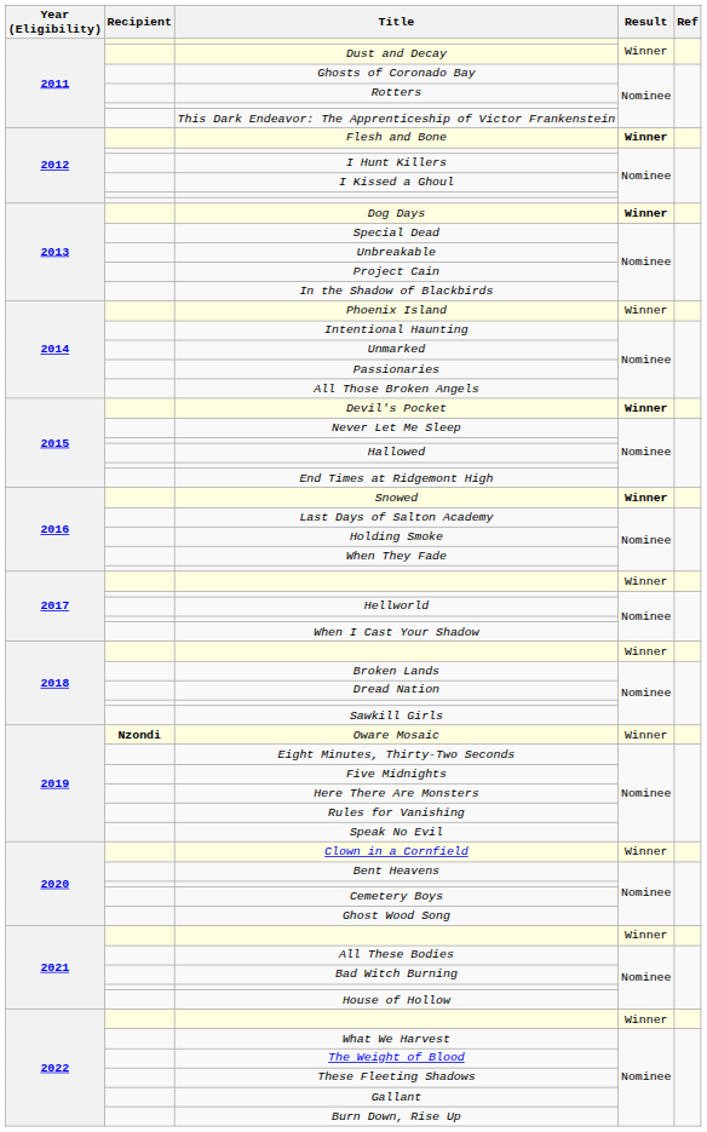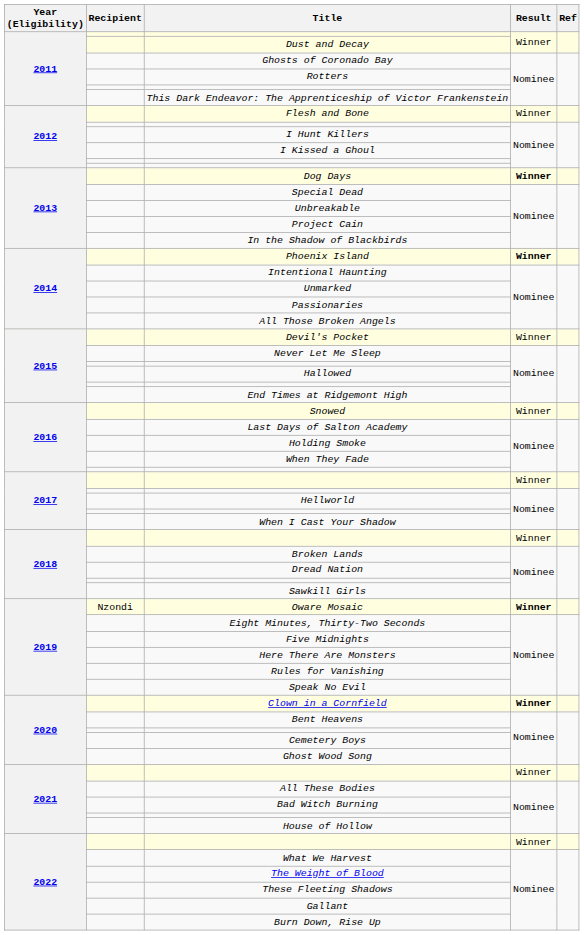 <table class="sortable wikitable" style="text-align: center">
 <tr>
 <th>Year<br>(Eligibility)</th>
 <th>Recipient</th>
 <th>Title</th>
 <th>Result</th>
 <th>Ref</th>
 </tr>
 <tr style="background:lightyellow; color:black">
 <th rowspan="6"><a href='#'>2011</a></th>
 <td> </td>
 <td> </td>
 <td rowspan="2">Winner</td>
 <td rowspan="2"></td>
 </tr>
 <tr style="background:lightyellow; color:black">
 <td> </td>
 <td> <em>Dust and Decay</em></td>
 </tr>
 <tr>
 <td>  </td>
 <td> <em>Ghosts of Coronado Bay</em></td>
 <td rowspan="4">Nominee</td>
 <td rowspan="4"></td>
 </tr>
 <tr>
 <td>  </td>
 <td> <em>Rotters</em></td>
 </tr>
 <tr>
 <td>  </td>
 <td> </td>
 </tr>
 <tr>
 <td>  </td>
 <td> <em>This Dark Endeavor: The Apprenticeship of Victor Frankenstein</em></td>
 </tr>
 <tr style="background:lightyellow; color:black">
 <th rowspan="6"><a href='#'>2012</a></th>
 <td> </td>
 <td> <em>Flesh and Bone</em></td>
-<td><strong> Winner</strong></td>
+<td> Winner</td>
 <td></td>
 </tr>
 <tr>
 <td>  </td>
 <td> </td>
 <td rowspan="5">Nominee</td>
 <td rowspan="5"></td>
 </tr>
 <tr>
 <td>  </td>
 <td> <em>I Hunt Killers</em></td>
 </tr>
 <tr>
 <td>  </td>
 <td> <em>I Kissed a Ghoul</em></td>
 </tr>
 <tr>
 <td>  </td>
 <td> </td>
 </tr>
 <tr>
 <td>  </td>
 <td> </td>
 </tr>
 <tr style="background:lightyellow; color:black">
 <th rowspan="5"><a href='#'>2013</a></th>
 <td> </td>
 <td> <em>Dog Days</em></td>
 <td><strong> Winner</strong></td>
 <td></td>
 </tr>
 <tr>
 <td>  </td>
 <td> <em>Special Dead</em></td>
 <td rowspan="4">Nominee</td>
 <td rowspan="4"></td>
 </tr>
 <tr>
 <td>  </td>
 <td> <em>Unbreakable</em></td>
 </tr>
 <tr>
 <td>  </td>
 <td> <em>Project Cain</em></td>
 </tr>
 <tr>
 <td>  </td>
 <td> <em>In the Shadow of Blackbirds</em></td>
 </tr>
 <tr style="background:lightyellow; color:black">
 <th rowspan="5"><a href='#'>2014</a></th>
 <td> </td>
 <td> <em>Phoenix Island</em></td>
-<td> Winner</td>
+<td><strong> Winner</strong></td>
 <td></td>
 </tr>
 <tr>
 <td>  </td>
 <td> <em>Intentional Haunting</em></td>
 <td rowspan="4">Nominee</td>
 <td rowspan="4"></td>
 </tr>
 <tr>
 <td>  </td>
 <td> <em>Unmarked</em></td>
 </tr>
 <tr>
 <td> </td>
 <td> <em>Passionaries</em></td>
 </tr>
 <tr>
 <td> </td>
 <td> <em>All Those Broken Angels</em></td>
 </tr>
 <tr style="background:lightyellow; color:black">
 <th rowspan="6"><a href='#'>2015</a></th>
 <td> </td>
 <td> <em>Devil's Pocket</em></td>
-<td><strong> Winner</strong></td>
+<td> Winner</td>
 <td></td>
 </tr>
 <tr>
 <td> </td>
 <td> <em>Never Let Me Sleep</em></td>
 <td rowspan="5">Nominee</td>
 <td rowspan="5"></td>
 </tr>
 <tr>
 <td> </td>
 <td> </td>
 </tr>
 <tr>
 <td> </td>
 <td> <em>Hallowed</em></td>
 </tr>
 <tr>
 <td> </td>
 <td> </td>
 </tr>
 <tr>
 <td> </td>
 <td> <em>End Times at Ridgemont High</em></td>
 </tr>
 <tr style="background:lightyellow; color:black">
 <th rowspan="5"><a href='#'>2016</a></th>
 <td> </td>
 <td> <em>Snowed</em></td>
-<td><strong> Winner</strong></td>
+<td> Winner</td>
 <td></td>
 </tr>
 <tr>
 <td> </td>
 <td> <em>Last Days of Salton Academy</em></td>
 <td rowspan="4">Nominee</td>
 <td rowspan="4"></td>
 </tr>
 <tr>
 <td> </td>
 <td> <em>Holding Smoke</em></td>
 </tr>
 <tr>
 <td> </td>
 <td> <em>When They Fade</em></td>
 </tr>
 <tr>
 <td> </td>
 <td> </td>
 </tr>
 <tr style="background:lightyellow; color:black">
 <th rowspan="5"><a href='#'>2017</a></th>
 <td> </td>
 <td> </td>
 <td> Winner</td>
 <td></td>
 </tr>
 <tr>
 <td> </td>
 <td> </td>
 <td rowspan="4">Nominee</td>
 <td rowspan="4"></td>
 </tr>
 <tr>
 <td> </td>
 <td> <em>Hellworld</em></td>
 </tr>
 <tr>
 <td> </td>
 <td> </td>
 </tr>
 <tr>
 <td> </td>
 <td> <em>When I Cast Your Shadow</em></td>
 </tr>
 <tr style="background:lightyellow; color:black">
 <th rowspan="5"><a href='#'>2018</a></th>
 <td></td>
 <td></td>
 <td>Winner</td>
 <td></td>
 </tr>
 <tr>
 <td> </td>
 <td> <em>Broken Lands</em></td>
 <td rowspan="4">Nominee</td>
 <td rowspan="4"></td>
 </tr>
 <tr>
 <td> </td>
 <td> <em>Dread Nation</em></td>
 </tr>
 <tr>
 <td> </td>
 <td> </td>
 </tr>
 <tr>
 <td> </td>
 <td> <em>Sawkill Girls</em></td>
 </tr>
 <tr style="background:lightyellow; color:black">
 <th rowspan="6"><a href='#'>2019</a></th>
-<td><strong>Nzondi</strong></td>
+<td>Nzondi</td>
 <td><em>Oware Mosaic</em></td>
-<td>Winner</td>
+<td><strong>Winner</strong></td>
 <td></td>
 </tr>
 <tr>
 <td> </td>
 <td> <em>Eight Minutes, Thirty-Two Seconds</em></td>
 <td rowspan="5">Nominee</td>
 <td rowspan="5"></td>
 </tr>
 <tr>
 <td> </td>
 <td> <em>Five Midnights</em></td>
 </tr>
 <tr>
 <td> </td>
 <td> <em>Here There Are Monsters</em></td>
 </tr>
 <tr>
 <td> </td>
 <td> <em>Rules for Vanishing</em></td>
 </tr>
 <tr>
 <td> </td>
 <td> <em>Speak No Evil</em></td>
 </tr>
 <tr style="background:lightyellow; color:black">
 <th rowspan="5"><a href='#'>2020</a></th>
 <td></td>
 <td><em><a href='#'>Clown in a Cornfield</a></em></td>
-<td>Winner</td>
+<td><strong>Winner</strong></td>
 <td></td>
 </tr>
 <tr>
 <td></td>
 <td><em>Bent Heavens</em></td>
 <td rowspan="4">Nominee</td>
 <td rowspan="4"></td>
 </tr>
 <tr>
 <td></td>
 <td></td>
 </tr>
 <tr>
 <td></td>
 <td><em>Cemetery Boys</em></td>
 </tr>
 <tr>
 <td></td>
 <td><em>Ghost Wood Song</em></td>
 </tr>
 <tr style="background:lightyellow; color:black">
 <th rowspan="5"><a href='#'>2021</a></th>
 <td></td>
 <td></td>
 <td>Winner</td>
 <td></td>
 </tr>
 <tr>
 <td></td>
 <td><em>All These Bodies</em></td>
 <td rowspan="4">Nominee</td>
 <td rowspan="4"></td>
 </tr>
 <tr>
 <td></td>
 <td><em>Bad Witch Burning</em></td>
 </tr>
 <tr>
 <td></td>
 <td></td>
 </tr>
 <tr>
 <td></td>
 <td><em>House of Hollow</em></td>
 </tr>
 <tr style="background:lightyellow; color:black">
 <th rowspan="6"><a href='#'>2022</a></th>
 <td></td>
 <td><em></em></td>
 <td>Winner</td>
 <td></td>
 </tr>
 <tr>
 <td></td>
 <td><em>What We Harvest</em></td>
 <td rowspan="5">Nominee</td>
 <td rowspan="5"></td>
 </tr>
 <tr>
 <td></td>
 <td><em><a href='#'>The Weight of Blood</a></em></td>
 </tr>
 <tr>
 <td></td>
 <td><em>These Fleeting Shadows</em></td>
 </tr>
 <tr>
 <td></td>
 <td><em>Gallant</em></td>
 </tr>
 <tr>
 <td></td>
 <td><em>Burn Down, Rise Up</em></td>
 </tr>
 </table>
